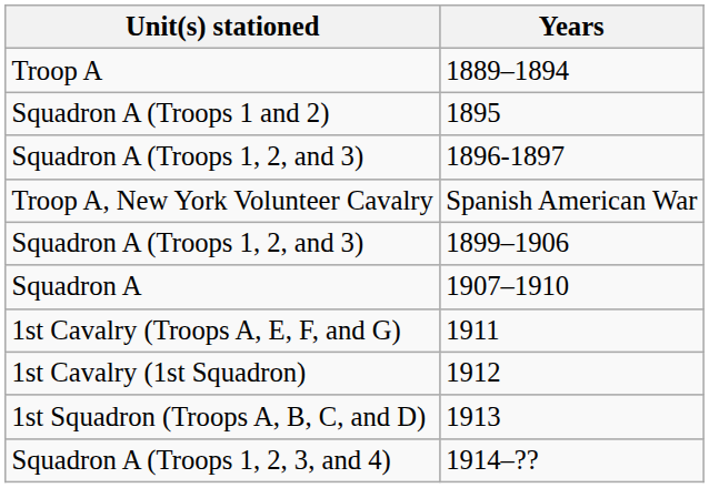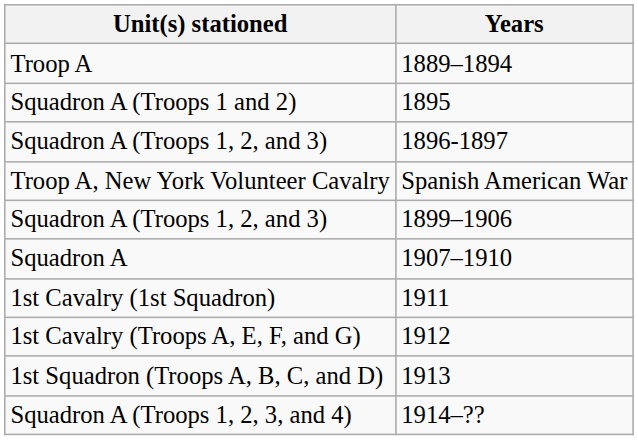 <table class="wikitable">
 <tr>
 <th>Unit(s) stationed</th>
 <th>Years</th>
 </tr>
 <tr>
 <td>Troop A</td>
 <td>1889–1894</td>
 </tr>
 <tr>
 <td>Squadron A (Troops 1 and 2)</td>
 <td>1895</td>
 </tr>
 <tr>
 <td>Squadron A (Troops 1, 2, and 3)</td>
 <td>1896-1897</td>
 </tr>
 <tr>
 <td>Troop A, New York Volunteer Cavalry</td>
 <td>Spanish American War</td>
 </tr>
 <tr>
 <td>Squadron A (Troops 1, 2, and 3)</td>
 <td>1899–1906</td>
 </tr>
 <tr>
 <td>Squadron A</td>
 <td>1907–1910</td>
 </tr>
 <tr>
-<td>1st Cavalry (Troops A, E, F, and G)</td>
+<td>1st Cavalry (1st Squadron)</td>
 <td>1911</td>
 </tr>
 <tr>
-<td>1st Cavalry (1st Squadron)</td>
+<td>1st Cavalry (Troops A, E, F, and G)</td>
 <td>1912</td>
 </tr>
 <tr>
 <td>1st Squadron (Troops A, B, C, and D)</td>
 <td>1913</td>
 </tr>
 <tr>
 <td>Squadron A (Troops 1, 2, 3, and 4)</td>
 <td>1914–??</td>
 </tr>
 </table>
